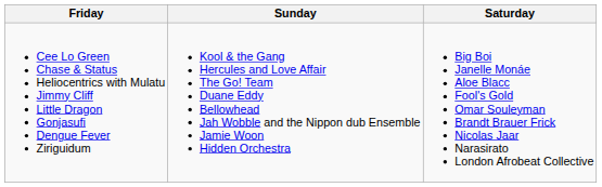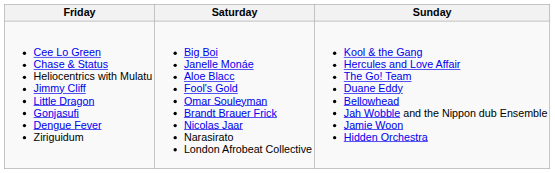 <table class="wikitable">
 <tr>
 <th>Friday</th>
+<th>Saturday</th>
 <th>Sunday</th>
-<th>Saturday</th>
 </tr>
 <tr valign="top">
 <td><br><ul><li><a href='#'>Cee Lo Green</a></li><li><a href='#'>Chase & Status</a></li><li>Heliocentrics with Mulatu</li><li><a href='#'>Jimmy Cliff</a></li><li><a href='#'>Little Dragon</a></li><li><a href='#'>Gonjasufi</a></li><li><a href='#'>Dengue Fever</a></li><li>Ziriguidum</li></ul></td>
+<td><br><ul><li><a href='#'>Big Boi</a></li><li><a href='#'>Janelle Monáe</a></li><li><a href='#'>Aloe Blacc</a></li><li><a href='#'>Fool's Gold</a></li><li><a href='#'>Omar Souleyman</a></li><li><a href='#'>Brandt Brauer Frick</a></li><li><a href='#'>Nicolas Jaar</a></li><li>Narasirato</li><li>London Afrobeat Collective</li></ul></td>
 <td><br><ul><li><a href='#'>Kool & the Gang</a></li><li><a href='#'>Hercules and Love Affair</a></li><li><a href='#'>The Go! Team</a></li><li><a href='#'>Duane Eddy</a></li><li><a href='#'>Bellowhead</a></li><li><a href='#'>Jah Wobble</a> and the Nippon dub Ensemble</li><li><a href='#'>Jamie Woon</a></li><li><a href='#'>Hidden Orchestra</a></li></ul></td>
-<td><br><ul><li><a href='#'>Big Boi</a></li><li><a href='#'>Janelle Monáe</a></li><li><a href='#'>Aloe Blacc</a></li><li><a href='#'>Fool's Gold</a></li><li><a href='#'>Omar Souleyman</a></li><li><a href='#'>Brandt Brauer Frick</a></li><li><a href='#'>Nicolas Jaar</a></li><li>Narasirato</li><li>London Afrobeat Collective</li></ul></td>
 </tr>
 </table>
